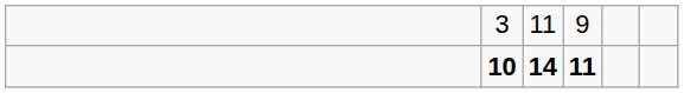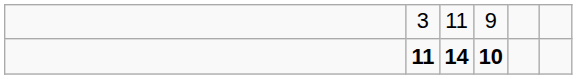 <table class="wikitable">
 <tr>
 <td style="width:18em"></td>
 <td align=center style="width:1em">3</td>
 <td align=center style="width:1em">11</td>
 <td align=center style="width:1em">9</td>
 <td align=center style="width:1em"></td>
 <td align=center style="width:1em"></td>
 </tr>
 <tr>
 <td style="width:18em"><strong></strong></td>
+<td align=center style="width:1em"><strong>11</strong></td>
+<td align=center style="width:1em"><strong>14</strong></td>
 <td align=center style="width:1em"><strong>10</strong></td>
-<td align=center style="width:1em"><strong>14</strong></td>
-<td align=center style="width:1em"><strong>11</strong></td>
 <td align=center style="width:1em"></td>
 <td align=center style="width:1em"></td>
 </tr>
 </table>
